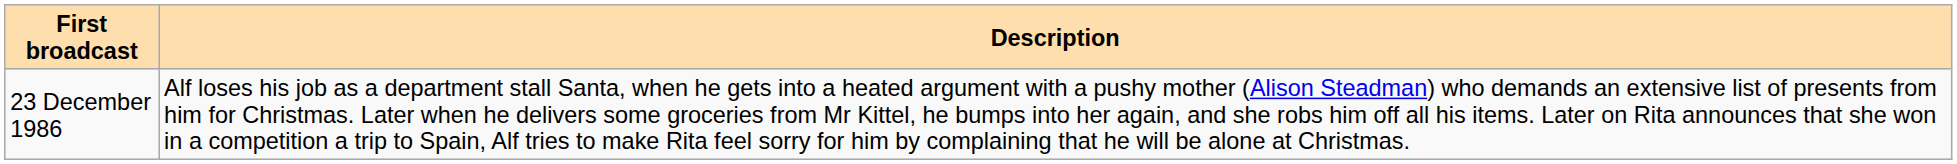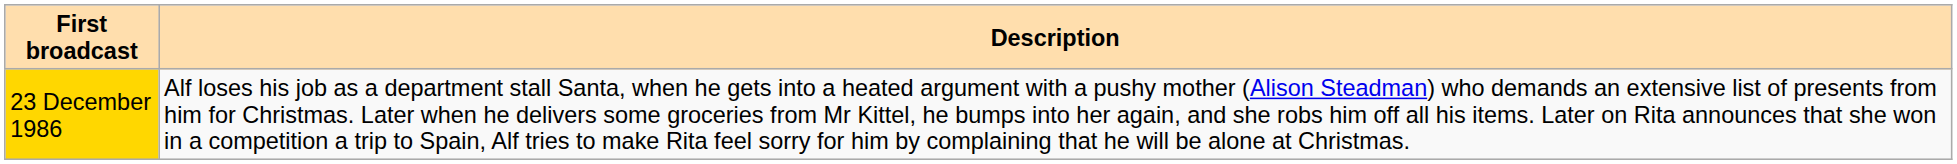 <table class="wikitable" border="1" style="font-size: 94%">
 <tr>
 <th style="background:#ffdead">First broadcast</th>
 <th style="background:#ffdead">Description</th>
 </tr>
 <tr>
-<td>23 December 1986</td>
+<td style="background: gold;">23 December 1986</td>
 <td>Alf loses his job as a department stall Santa, when he gets into a heated argument with a pushy mother (<a href='#'>Alison Steadman</a>) who demands an extensive list of presents from him for Christmas. Later when he delivers some groceries from Mr Kittel, he bumps into her again, and she robs him off all his items. Later on Rita announces that she won in a competition a trip to Spain, Alf tries to make Rita feel sorry for him by complaining that he will be alone at Christmas.</td>
 </tr>
 </table>
